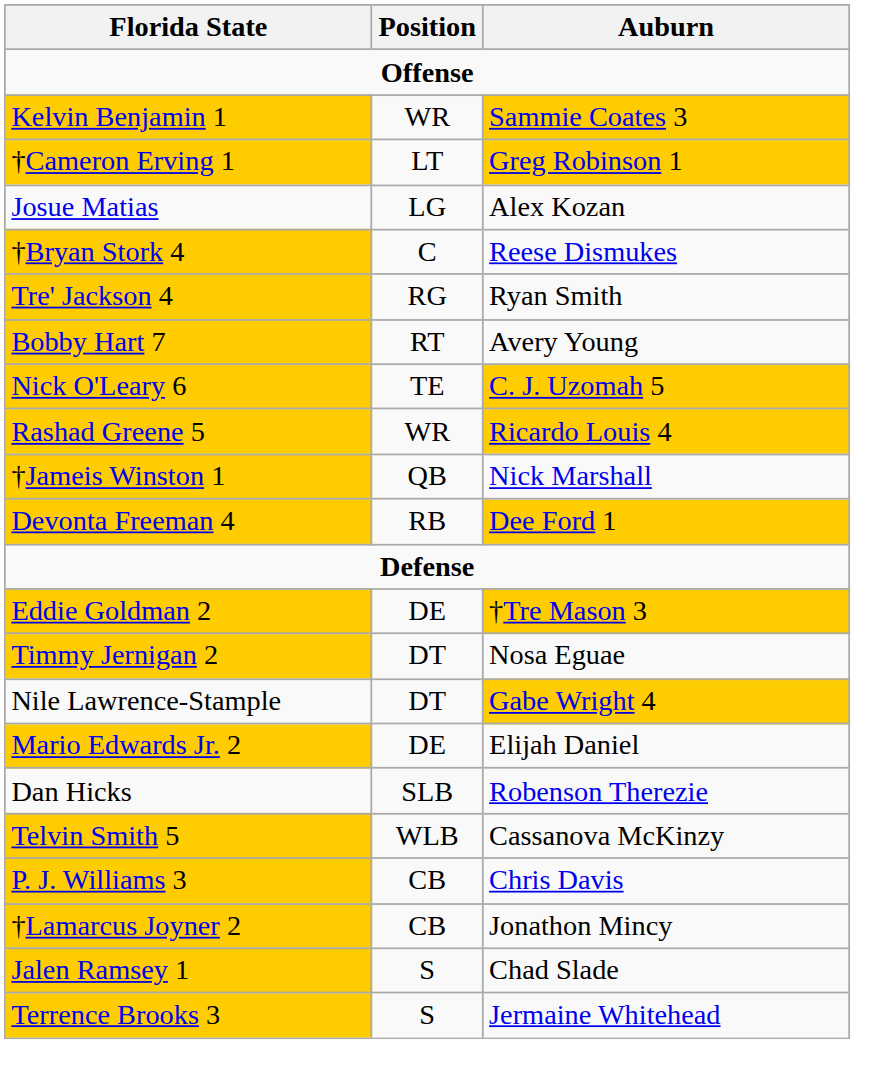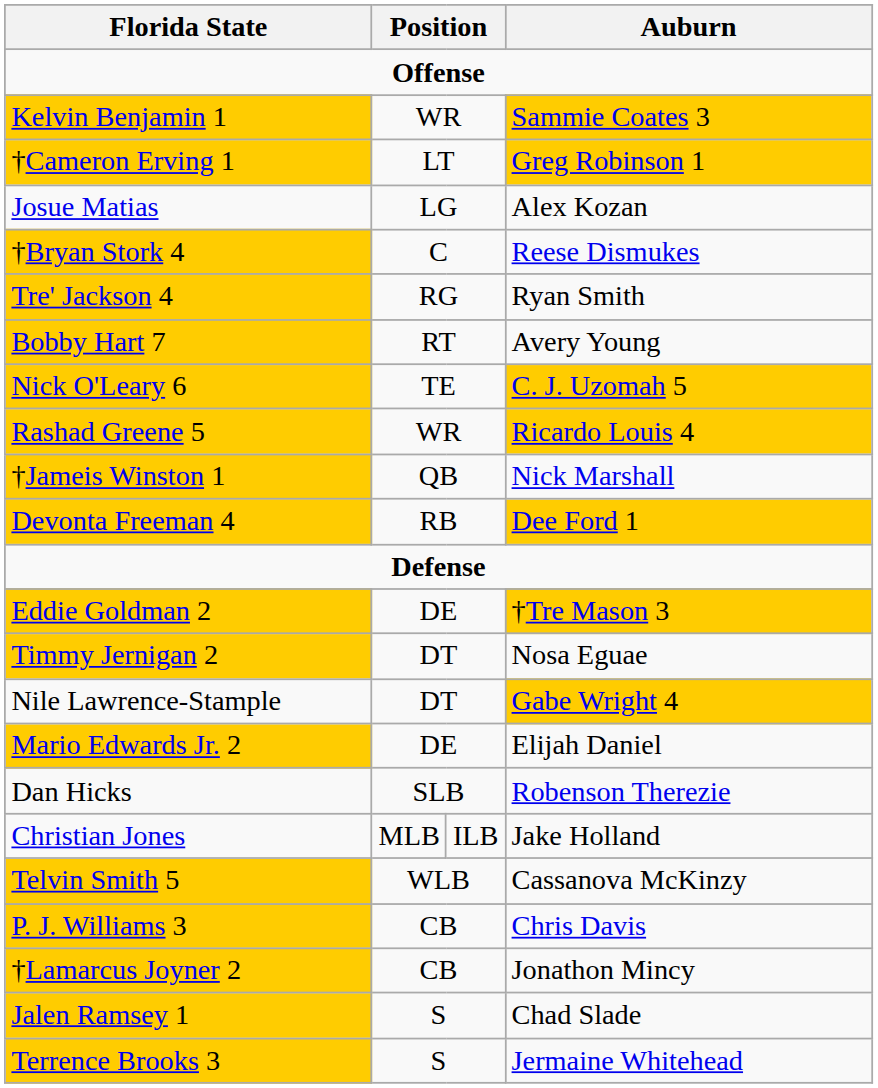 <table class="wikitable">
 <tr>
 <th style="width:200px;">Florida State</th>
 <th colspan="2">Position</th>
 <th style="width:200px;">Auburn</th>
 </tr>
 <tr>
 <td colspan="4" style="text-align:center"><strong>Offense</strong></td>
 </tr>
 <tr>
 <td bgcolor="#FFCC00"><a href='#'>Kelvin Benjamin</a>   1</td>
 <td colspan="2" style="text-align:center">WR</td>
 <td bgcolor="#FFCC00"><a href='#'>Sammie Coates</a>  3</td>
 </tr>
 <tr>
 <td bgcolor="#FFCC00">†<a href='#'>Cameron Erving</a> 1</td>
 <td colspan="2" style="text-align:center">LT</td>
 <td bgcolor="#FFCC00"><a href='#'>Greg Robinson</a> 1</td>
 </tr>
 <tr>
 <td><a href='#'>Josue Matias</a></td>
 <td colspan="2" style="text-align:center">LG</td>
 <td>Alex Kozan</td>
 </tr>
 <tr>
 <td bgcolor="#FFCC00">†<a href='#'>Bryan Stork</a> 4</td>
 <td colspan="2" style="text-align:center">C</td>
 <td><a href='#'>Reese Dismukes</a></td>
 </tr>
 <tr>
 <td bgcolor="#FFCC00"><a href='#'>Tre' Jackson</a> 4</td>
 <td colspan="2" style="text-align:center">RG</td>
 <td>Ryan Smith</td>
 </tr>
 <tr>
 <td bgcolor="#FFCC00"><a href='#'>Bobby Hart</a> 7</td>
 <td colspan="2" style="text-align:center">RT</td>
 <td>Avery Young</td>
 </tr>
 <tr>
 <td bgcolor="#FFCC00"><a href='#'>Nick O'Leary</a>   6</td>
 <td colspan="2" style="text-align:center">TE</td>
 <td bgcolor="#FFCC00"><a href='#'>C. J. Uzomah</a> 5</td>
 </tr>
 <tr>
 <td bgcolor="#FFCC00"><a href='#'>Rashad Greene</a>  5</td>
 <td colspan="2" style="text-align:center">WR</td>
 <td bgcolor="#FFCC00"><a href='#'>Ricardo Louis</a> 4</td>
 </tr>
 <tr>
 <td bgcolor="#FFCC00">†<a href='#'>Jameis Winston</a> 1</td>
 <td colspan="2" style="text-align:center">QB</td>
 <td><a href='#'>Nick Marshall</a></td>
 </tr>
 <tr>
 <td bgcolor="#FFCC00"><a href='#'>Devonta Freeman</a> 4</td>
 <td colspan="2" style="text-align:center">RB</td>
 <td bgcolor="#FFCC00"><a href='#'>Dee Ford</a> 1</td>
 </tr>
 <tr>
 <td colspan="4" style="text-align:center"><strong>Defense</strong></td>
 </tr>
 <tr>
 <td bgcolor="#FFCC00"><a href='#'>Eddie Goldman</a> 2</td>
 <td colspan="2" style="text-align:center">DE</td>
 <td bgcolor="#FFCC00">†<a href='#'>Tre Mason</a> 3</td>
 </tr>
 <tr>
 <td bgcolor="#FFCC00"><a href='#'>Timmy Jernigan</a> 2</td>
 <td colspan="2" style="text-align:center">DT</td>
 <td>Nosa Eguae</td>
 </tr>
 <tr>
 <td>Nile Lawrence-Stample</td>
 <td colspan="2" style="text-align:center">DT</td>
 <td bgcolor="#FFCC00"><a href='#'>Gabe Wright</a> 4</td>
 </tr>
 <tr>
 <td bgcolor="#FFCC00"><a href='#'>Mario Edwards Jr.</a> 2</td>
 <td colspan="2" style="text-align:center">DE</td>
 <td>Elijah Daniel</td>
 </tr>
 <tr>
 <td>Dan Hicks</td>
 <td colspan="2" style="text-align:center">SLB</td>
 <td><a href='#'>Robenson Therezie</a></td>
 </tr>
 <tr>
+<td><a href='#'>Christian Jones</a></td>
+<td style="text-align:center">MLB</td>
+<td style="text-align:center">ILB</td>
+<td>Jake Holland</td>
+</tr>
+<tr>
 <td bgcolor="#FFCC00"><a href='#'>Telvin Smith</a>   5</td>
 <td colspan="2" style="text-align:center">WLB</td>
 <td>Cassanova McKinzy</td>
 </tr>
 <tr>
 <td bgcolor="#FFCC00"><a href='#'>P. J. Williams</a> 3</td>
 <td colspan="2" style="text-align:center">CB</td>
 <td><a href='#'>Chris Davis</a></td>
 </tr>
 <tr>
 <td bgcolor="#FFCC00">†<a href='#'>Lamarcus Joyner</a> 2</td>
 <td colspan="2" style="text-align:center">CB</td>
 <td>Jonathon Mincy</td>
 </tr>
 <tr>
 <td bgcolor="#FFCC00"><a href='#'>Jalen Ramsey</a> 1</td>
 <td colspan="2" style="text-align:center">S</td>
 <td>Chad Slade</td>
 </tr>
 <tr>
 <td bgcolor="#FFCC00"><a href='#'>Terrence Brooks</a> 3</td>
 <td colspan="2" style="text-align:center">S</td>
 <td><a href='#'>Jermaine Whitehead</a></td>
 </tr>
 </table>
